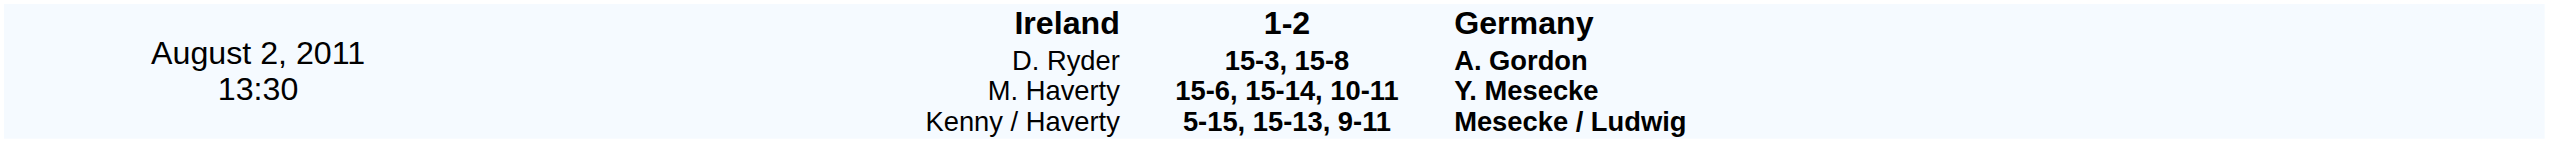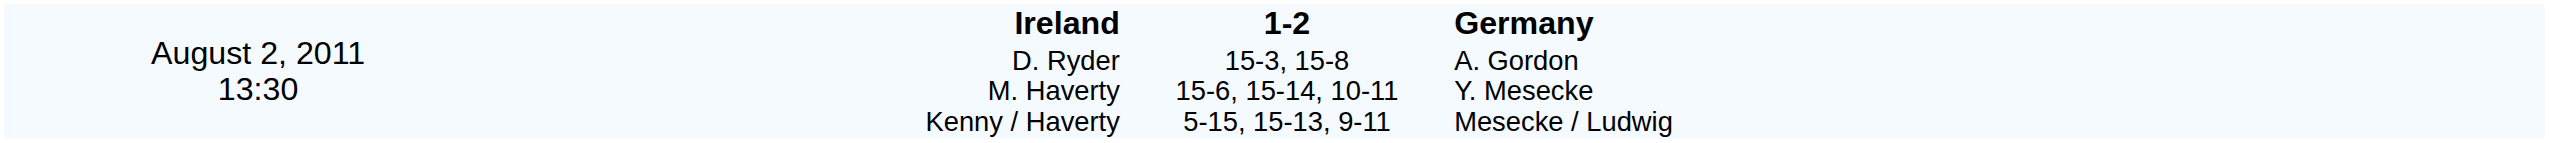 <table style="width: 100%; background:#F5FAFF;" cellspacing="0">
 <tr>
 <td align=center rowspan=3 width=20%>August 2, 2011<br>13:30</td>
 </tr>
 <tr>
 <td width=24% align=right><strong>Ireland</strong></td>
 <td align=center width=13%><strong>1-2</strong></td>
 <td width=24%><strong>Germany</strong></td>
 <td style=font-size:85% rowspan=3 valign=middle align=center></td>
 </tr>
 <tr style=font-size:85%>
 <td align=right valign=top>D. Ryder<br>M. Haverty<br>Kenny / Haverty</td>
-<td align=center><strong>15-3, 15-8<br>15-6, 15-14, 10-11<br>5-15, 15-13, 9-11</strong></td>
-<td><strong>A. Gordon<br>Y. Mesecke<br>Mesecke / Ludwig</strong></td>
+<td align=center>15-3, 15-8<br>15-6, 15-14, 10-11<br>5-15, 15-13, 9-11</td>
+<td>A. Gordon<br>Y. Mesecke<br>Mesecke / Ludwig</td>
 </tr>
 </table>
